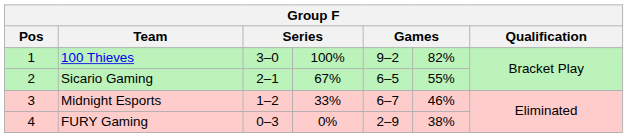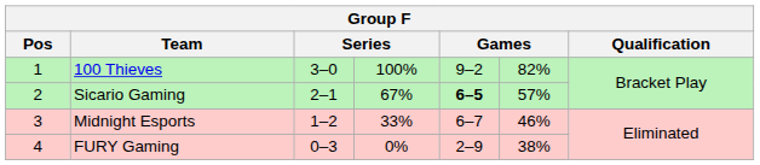 <table class="wikitable" style="display: inline-table;  margin-left: 50px;width: 46.5%; ">
 <tr>
 <th colspan="7">Group F</th>
 </tr>
 <tr>
 <th>Pos</th>
 <th>Team</th>
 <th colspan="2">Series</th>
 <th colspan="2">Games</th>
 <th>Qualification</th>
 </tr>
 <tr>
 <td style="text-align:center; background:#BBF3BB;">1</td>
 <td style="text-align:left; background:#BBF3BB;"><a href='#'>100 Thieves</a></td>
 <td style="text-align:center; background:#BBF3BB;">3–0</td>
 <td style="text-align:center; background:#BBF3BB;">100%</td>
 <td style="text-align:center; background:#BBF3BB;">9–2</td>
 <td style="text-align:center; background:#BBF3BB;">82%</td>
 <td style="text-align:center; background:#BBF3BB;" rowspan="2">Bracket Play</td>
 </tr>
 <tr>
 <td style="text-align:center; background:#BBF3BB;">2</td>
 <td style="text-align:left; background:#BBF3BB;">Sicario Gaming</td>
 <td style="text-align:center; background:#BBF3BB;">2–1</td>
 <td style="text-align:center; background:#BBF3BB;">67%</td>
-<td style="text-align:center; background:#BBF3BB;">6–5</td>
-<td style="text-align:center; background:#BBF3BB;">55%</td>
+<td style="text-align:center; background:#BBF3BB;"><strong>6–5</strong></td>
+<td style="text-align:center; background:#BBF3BB;">57%</td>
 </tr>
 <tr>
 <td style="text-align:center; background:#FFCCCC;">3</td>
 <td style="text-align:left; background:#FFCCCC;">Midnight Esports</td>
 <td style="text-align:center; background:#FFCCCC;">1–2</td>
 <td style="text-align:center; background:#FFCCCC;">33%</td>
 <td style="text-align:center; background:#FFCCCC;">6–7</td>
 <td style="text-align:center; background:#FFCCCC;">46%</td>
 <td style="text-align:center; background:#FFCCCC;" rowspan="2">Eliminated</td>
 </tr>
 <tr>
 <td style="text-align:center; background:#FFCCCC;">4</td>
 <td style="text-align:left; background:#FFCCCC;">FURY Gaming</td>
 <td style="text-align:center; background:#FFCCCC;">0–3</td>
 <td style="text-align:center; background:#FFCCCC;">0%</td>
 <td style="text-align:center; background:#FFCCCC;">2–9</td>
 <td style="text-align:center; background:#FFCCCC;">38%</td>
 </tr>
 </table>
